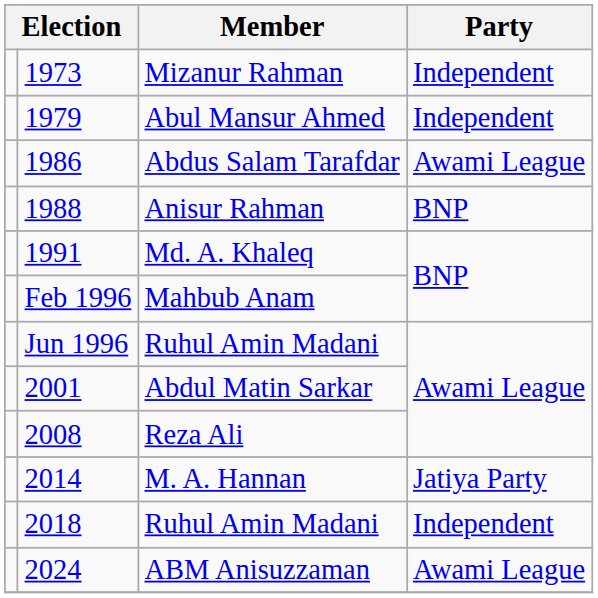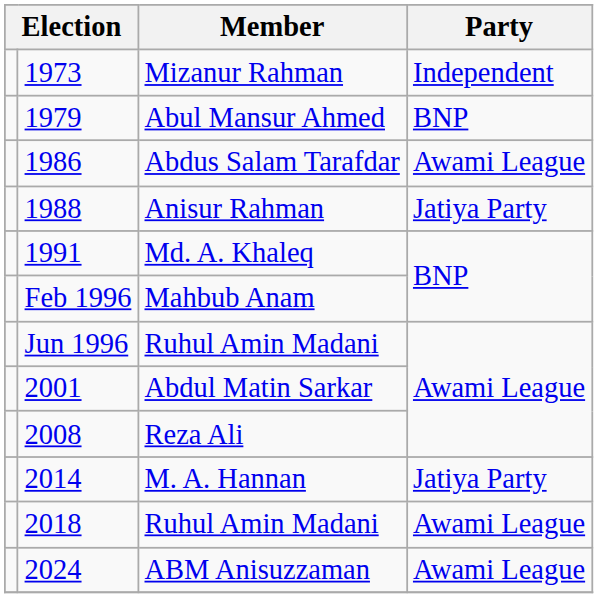 <table class="wikitable">
 <tr>
 <th colspan="2">Election</th>
 <th>Member</th>
 <th>Party</th>
 </tr>
 <tr>
 <td style="background-color:"></td>
 <td><a href='#'>1973</a></td>
 <td><a href='#'>Mizanur Rahman</a></td>
 <td><a href='#'>Independent</a></td>
 </tr>
 <tr>
 <td style="background-color:"></td>
 <td><a href='#'>1979</a></td>
 <td><a href='#'>Abul Mansur Ahmed</a></td>
-<td><a href='#'>Independent</a></td>
+<td><a href='#'>BNP</a></td>
 </tr>
 <tr>
 <td style="background-color:"></td>
 <td><a href='#'>1986</a></td>
 <td><a href='#'>Abdus Salam Tarafdar</a></td>
 <td><a href='#'>Awami League</a></td>
 </tr>
 <tr>
 <td style="background-color:"></td>
 <td><a href='#'>1988</a></td>
 <td><a href='#'>Anisur Rahman</a></td>
-<td><a href='#'>BNP</a></td>
+<td><a href='#'>Jatiya Party</a></td>
 </tr>
 <tr>
 <td style="background-color:"></td>
 <td><a href='#'>1991</a></td>
 <td><a href='#'>Md. A. Khaleq</a></td>
 <td rowspan="2"><a href='#'>BNP</a></td>
 </tr>
 <tr>
 <td style="background-color:"></td>
 <td><a href='#'>Feb 1996</a></td>
 <td><a href='#'>Mahbub Anam</a></td>
 </tr>
 <tr>
 <td style="background-color:"></td>
 <td><a href='#'>Jun 1996</a></td>
 <td><a href='#'>Ruhul Amin Madani</a></td>
 <td rowspan="3"><a href='#'>Awami League</a></td>
 </tr>
 <tr>
 <td style="background-color:"></td>
 <td><a href='#'>2001</a></td>
 <td><a href='#'>Abdul Matin Sarkar</a></td>
 </tr>
 <tr>
 <td style="background-color:"></td>
 <td><a href='#'>2008</a></td>
 <td><a href='#'>Reza Ali</a></td>
 </tr>
 <tr>
 <td style="background-color:"></td>
 <td><a href='#'>2014</a></td>
 <td><a href='#'>M. A. Hannan</a></td>
 <td><a href='#'>Jatiya Party</a></td>
 </tr>
 <tr>
 <td style="background-color:"></td>
 <td><a href='#'>2018</a></td>
 <td><a href='#'>Ruhul Amin Madani</a></td>
-<td><a href='#'>Independent</a></td>
+<td><a href='#'>Awami League</a></td>
 </tr>
 <tr>
 <td style="background-color:"></td>
 <td><a href='#'>2024</a></td>
 <td><a href='#'>ABM Anisuzzaman</a></td>
 <td><a href='#'>Awami League</a></td>
 </tr>
 <tr>
 </tr>
 </table>
